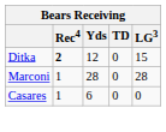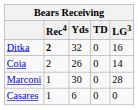 <table class="wikitable">
 <tr>
 <th colspan="5">Bears Receiving</th>
 </tr>
 <tr>
 <th></th>
 <th>Rec<sup>4</sup></th>
 <th>Yds</th>
 <th>TD</th>
 <th>LG<sup>3</sup></th>
 </tr>
 <tr>
 <td><a href='#'>Ditka</a></td>
 <td><strong>2</strong></td>
-<td>12</td>
+<td>32</td>
 <td>0</td>
-<td>15</td>
+<td>16</td>
+</tr>
+<tr>
+<td><a href='#'>Coia</a></td>
+<td>2</td>
+<td>26</td>
+<td>0</td>
+<td>14</td>
 </tr>
 <tr>
 <td><a href='#'>Marconi</a></td>
 <td>1</td>
-<td>28</td>
+<td>30</td>
 <td>0</td>
 <td>28</td>
 </tr>
 <tr>
 <td><a href='#'>Casares</a></td>
 <td>1</td>
 <td>6</td>
 <td>0</td>
 <td>0</td>
 </tr>
 </table>
